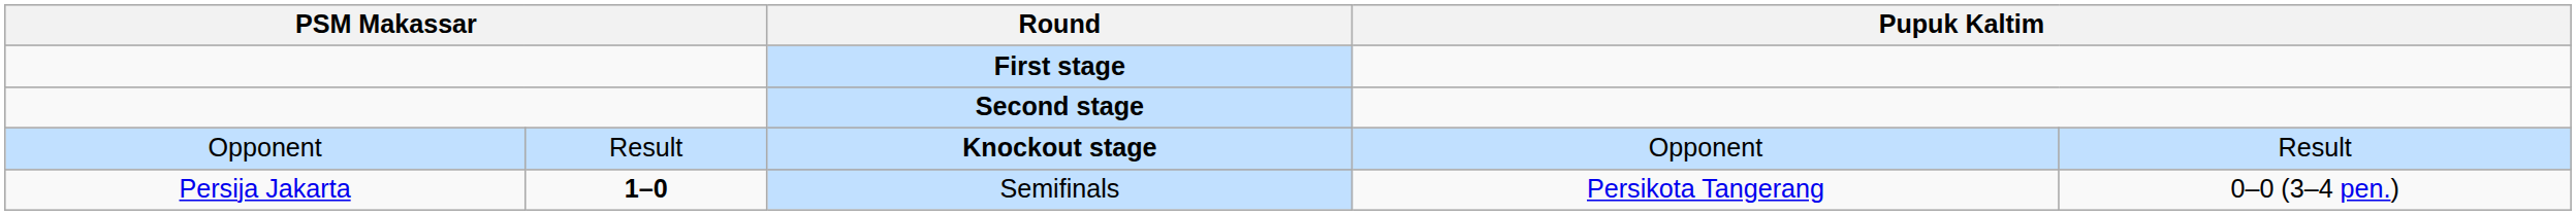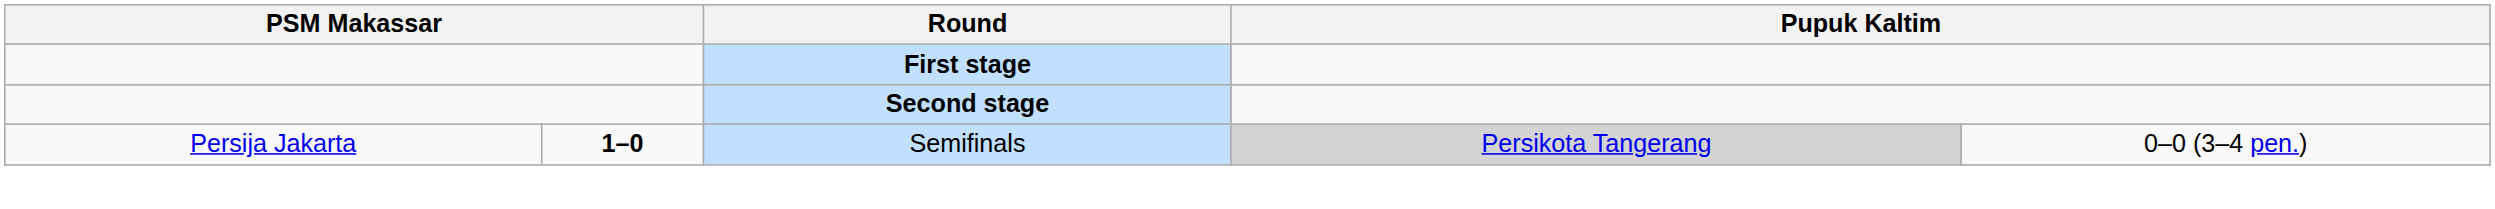 <table class="wikitable" width="100%" style="text-align:center">
 <tr>
 <th colspan="2" style="width:1*">PSM Makassar</th>
 <th><strong>Round</strong></th>
 <th colspan="2" style="width:1*">Pupuk Kaltim</th>
 </tr>
 <tr>
 <td colspan="2" align="center"><br> </td>
 <td bgcolor=#c1e0ff><strong>First stage</strong></td>
 <td colspan="2" align="center"><br></td>
 </tr>
 <tr>
 <td colspan="2"><br></td>
 <td bgcolor=#c1e0ff><strong>Second stage</strong></td>
 <td colspan="2" align="center"><br> </td>
 </tr>
-<tr valign=top bgcolor=#c1e0ff>
-<td>Opponent</td>
-<td>Result</td>
-<td bgcolor="#c1e0ff"><strong>Knockout stage</strong></td>
-<td>Opponent</td>
-<td>Result</td>
-</tr>
 <tr>
 <td><a href='#'>Persija Jakarta</a></td>
 <td><strong>1–0</strong></td>
 <td bgcolor=#c1e0ff>Semifinals</td>
-<td><a href='#'>Persikota Tangerang</a></td>
+<td style="background: lightgrey;"><a href='#'>Persikota Tangerang</a></td>
 <td>0–0 (3–4 <a href='#'>pen.</a>)</td>
 </tr>
 </table>
